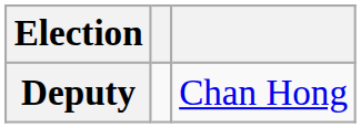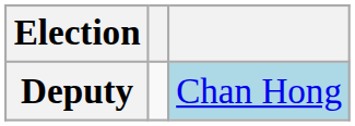 <table class="wikitable">
 <tr>
 <th>Election</th>
 <th style="width:1px;"></th>
 <th></th>
 </tr>
 <tr>
 <th>Deputy</th>
 <td width=1px style="background-color: "></td>
-<td colspan = 1><a href='#'>Chan Hong</a></td>
+<td colspan = 1 style="background: lightblue;"><a href='#'>Chan Hong</a></td>
 </tr>
 </table>
